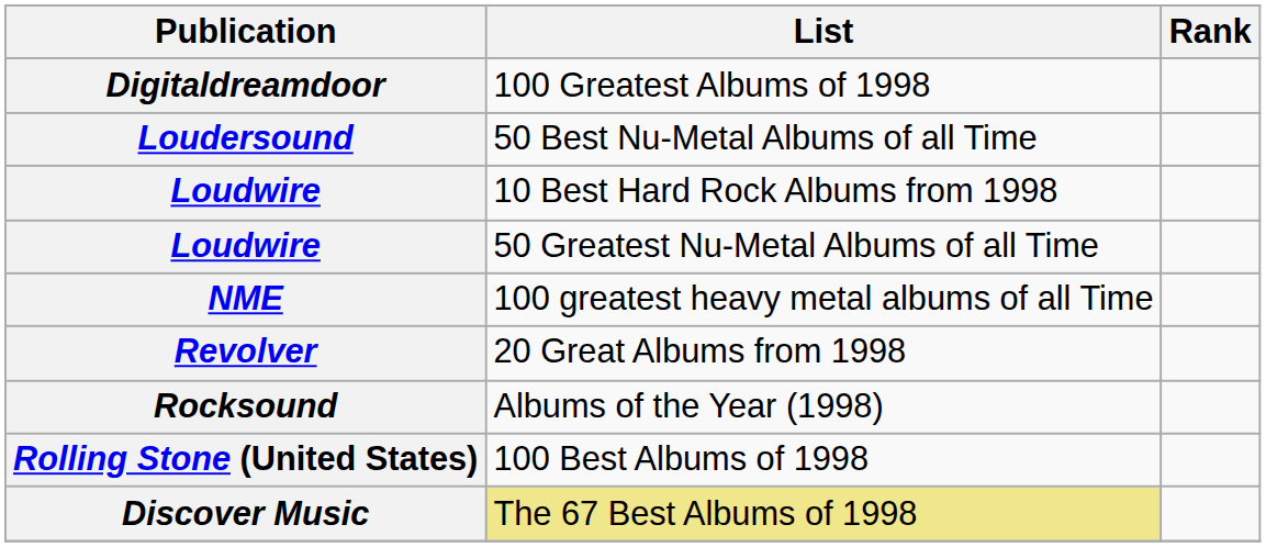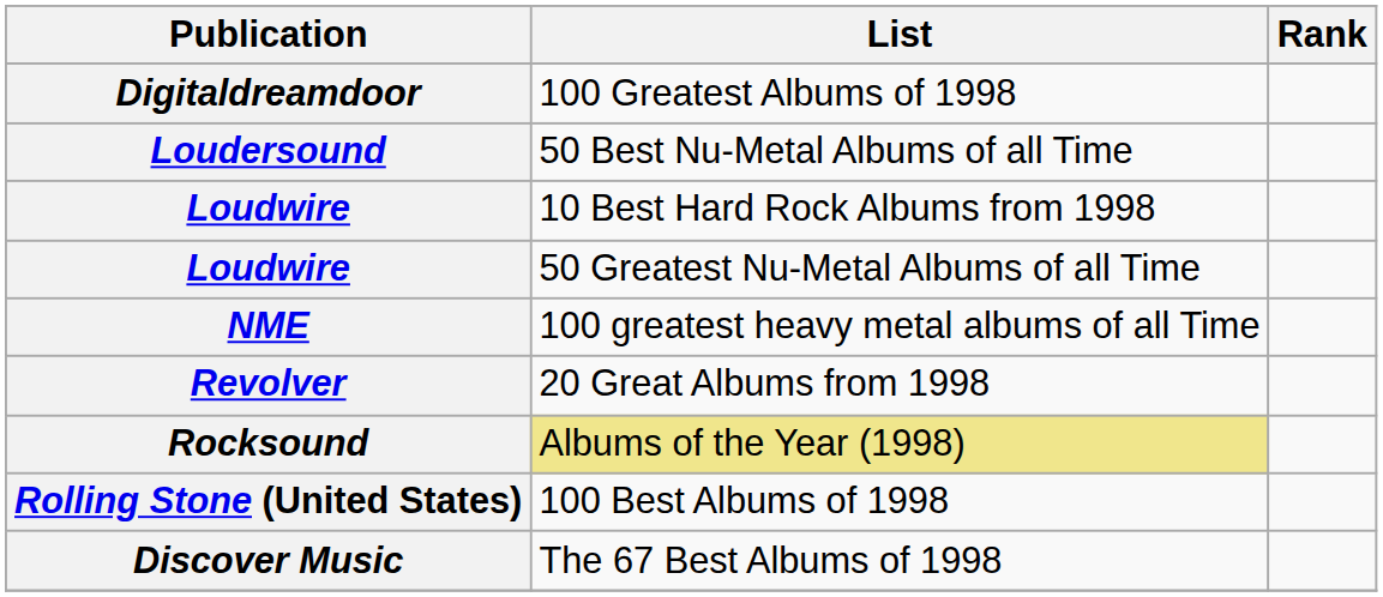 <table class="wikitable sortable plainrowheaders">
 <tr>
 <th>Publication</th>
 <th>List</th>
 <th>Rank</th>
 </tr>
 <tr>
 <th scope="row"><em>Digitaldreamdoor</em></th>
 <td>100 Greatest Albums of 1998</td>
 <td></td>
 </tr>
 <tr>
 <th scope="row"><em><a href='#'>Loudersound</a></em></th>
 <td>50 Best Nu-Metal Albums of all Time</td>
 <td></td>
 </tr>
 <tr>
 <th scope="row"><em><a href='#'>Loudwire</a></em></th>
 <td>10 Best Hard Rock Albums from 1998</td>
 <td></td>
 </tr>
 <tr>
 <th scope="row"><em><a href='#'>Loudwire</a></em></th>
 <td>50 Greatest Nu-Metal Albums of all Time</td>
 <td></td>
 </tr>
 <tr>
 <th scope="row"><em><a href='#'>NME</a></em></th>
 <td>100 greatest heavy metal albums of all Time</td>
 <td></td>
 </tr>
 <tr>
 <th scope="row"><em><a href='#'>Revolver</a></em></th>
 <td>20 Great Albums from 1998</td>
 <td></td>
 </tr>
 <tr>
 <th scope="row"><em>Rocksound</em></th>
-<td>Albums of the Year (1998)</td>
+<td style="background: khaki;">Albums of the Year (1998)</td>
 <td></td>
 </tr>
 <tr>
 <th scope="row"><em><a href='#'>Rolling Stone</a></em> (United States)</th>
 <td>100 Best Albums of 1998</td>
 <td></td>
 </tr>
 <tr>
 <th scope="row"><em>Discover Music</em></th>
-<td style="background: khaki;">The 67 Best Albums of 1998</td>
+<td>The 67 Best Albums of 1998</td>
 <td></td>
 </tr>
 <tr>
 </tr>
 </table>
